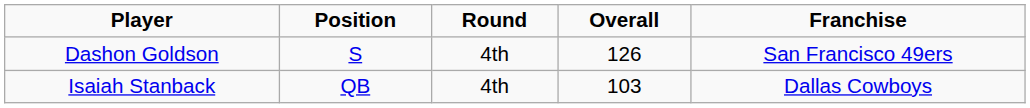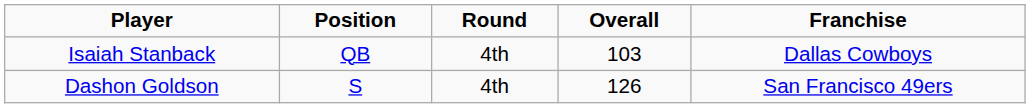 <table class="wikitable" width="50%">
 <tr align="center">
 <td><strong>Player</strong></td>
 <td><strong>Position</strong></td>
 <td><strong>Round</strong></td>
 <td><strong>Overall</strong></td>
 <td><strong>Franchise</strong></td>
 </tr>
 <tr style="text-align:center;" bgcolor="">
+<td><a href='#'>Isaiah Stanback</a></td>
+<td><a href='#'>QB</a></td>
+<td>4th</td>
+<td>103</td>
+<td><a href='#'>Dallas Cowboys</a></td>
+</tr>
+<tr style="text-align:center;" bgcolor="">
 <td><a href='#'>Dashon Goldson</a></td>
 <td><a href='#'>S</a></td>
 <td>4th</td>
 <td>126</td>
 <td><a href='#'>San Francisco 49ers</a></td>
 </tr>
-<tr style="text-align:center;" bgcolor="">
-<td><a href='#'>Isaiah Stanback</a></td>
-<td><a href='#'>QB</a></td>
-<td>4th</td>
-<td>103</td>
-<td><a href='#'>Dallas Cowboys</a></td>
-</tr>
 </table>
